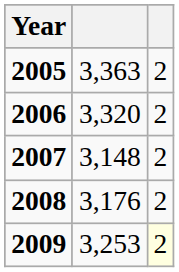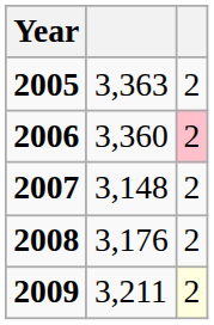 <table class="wikitable sortable" style="font-size: %">
 <tr>
 <th width=px>Year</th>
 <th width=px></th>
 <th width=px></th>
 </tr>
 <tr>
 <td><strong>2005</strong></td>
 <td>3,363</td>
 <td align=center>2</td>
 </tr>
 <tr>
 <td><strong>2006</strong></td>
-<td>3,320</td>
-<td align=center>2</td>
+<td>3,360</td>
+<td align=center style="background: pink;">2</td>
 </tr>
 <tr>
 <td><strong>2007</strong></td>
 <td>3,148</td>
 <td align=center>2</td>
 </tr>
 <tr>
 <td><strong>2008</strong></td>
 <td>3,176</td>
 <td align=center>2</td>
 </tr>
 <tr>
 <td><strong>2009</strong></td>
-<td>3,253</td>
+<td>3,211</td>
 <td align=center style="background: lightyellow;">2</td>
 </tr>
 </table>
